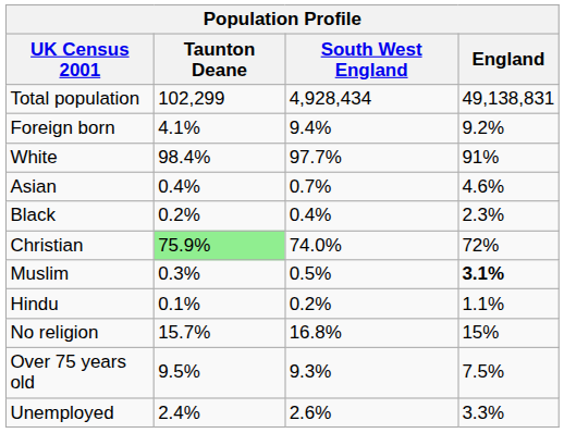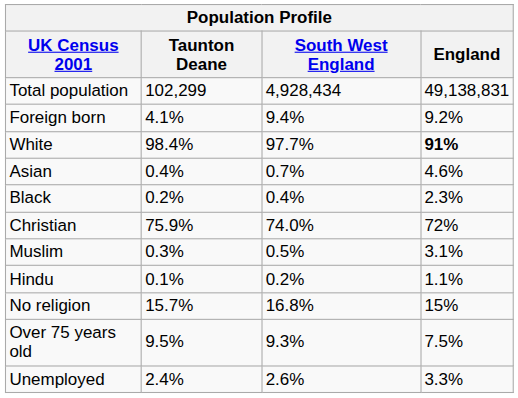 <table class="wikitable floatright" style="margin-left: 1em; width: 30em">
 <tr>
 <th colspan="6"><strong>Population Profile</strong></th>
 </tr>
 <tr>
 <th><a href='#'>UK Census 2001</a></th>
 <th>Taunton Deane</th>
 <th><a href='#'>South West England</a></th>
 <th>England</th>
 </tr>
 <tr>
 <td>Total population</td>
 <td>102,299</td>
 <td>4,928,434</td>
 <td>49,138,831</td>
 </tr>
 <tr>
 <td>Foreign born</td>
 <td>4.1%</td>
 <td>9.4%</td>
 <td>9.2%</td>
 </tr>
 <tr>
 <td>White</td>
 <td>98.4%</td>
 <td>97.7%</td>
-<td>91%</td>
+<td><strong>91%</strong></td>
 </tr>
 <tr>
 <td>Asian</td>
 <td>0.4%</td>
 <td>0.7%</td>
 <td>4.6%</td>
 </tr>
 <tr>
 <td>Black</td>
 <td>0.2%</td>
 <td>0.4%</td>
 <td>2.3%</td>
 </tr>
 <tr>
 <td>Christian</td>
-<td style="background: lightgreen;">75.9%</td>
+<td>75.9%</td>
 <td>74.0%</td>
 <td>72%</td>
 </tr>
 <tr>
 <td>Muslim</td>
 <td>0.3%</td>
 <td>0.5%</td>
-<td><strong>3.1%</strong></td>
+<td>3.1%</td>
 </tr>
 <tr>
 <td>Hindu</td>
 <td>0.1%</td>
 <td>0.2%</td>
 <td>1.1%</td>
 </tr>
 <tr>
 <td>No religion</td>
 <td>15.7%</td>
 <td>16.8%</td>
 <td>15%</td>
 </tr>
 <tr>
 <td>Over 75 years old</td>
 <td>9.5%</td>
 <td>9.3%</td>
 <td>7.5%</td>
 </tr>
 <tr>
 <td>Unemployed</td>
 <td>2.4%</td>
 <td>2.6%</td>
 <td>3.3%</td>
 </tr>
 </table>
